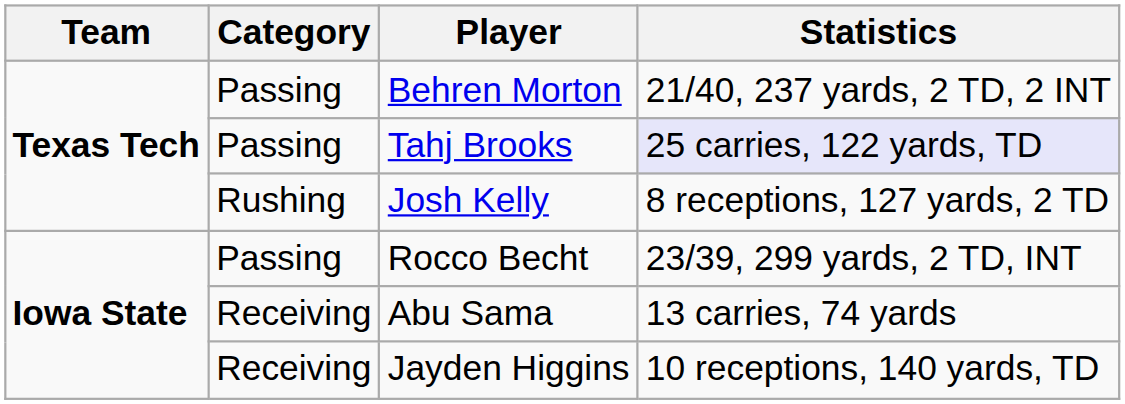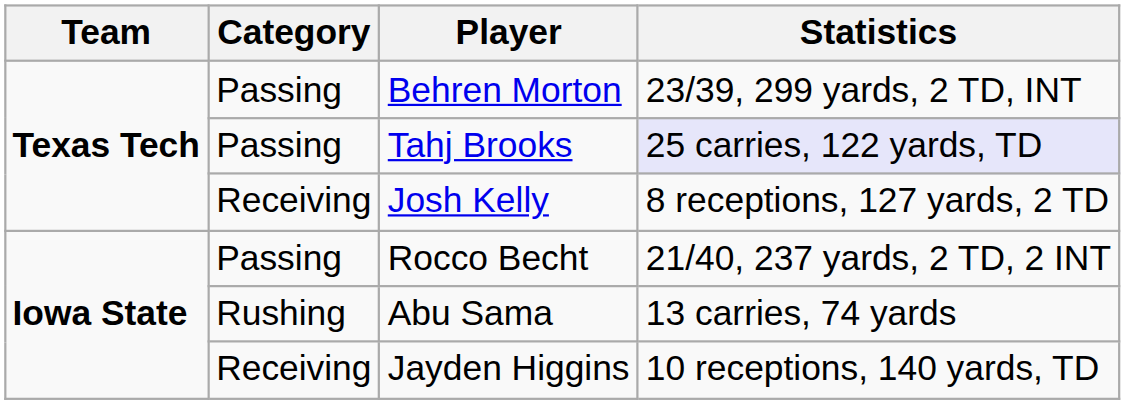 <table class="wikitable" style="float: right;">
 <tr>
 <th>Team</th>
 <th>Category</th>
 <th>Player</th>
 <th>Statistics</th>
 </tr>
 <tr>
 <td rowspan=3><strong>Texas Tech</strong></td>
 <td>Passing</td>
 <td><a href='#'>Behren Morton</a></td>
-<td>21/40, 237 yards, 2 TD, 2 INT</td>
+<td>23/39, 299 yards, 2 TD, INT</td>
 </tr>
 <tr>
 <td>Passing</td>
 <td><a href='#'>Tahj Brooks</a></td>
 <td style="background: lavender;">25 carries, 122 yards, TD</td>
 </tr>
 <tr>
-<td>Rushing</td>
+<td>Receiving</td>
 <td><a href='#'>Josh Kelly</a></td>
 <td>8 receptions, 127 yards, 2 TD</td>
 </tr>
 <tr>
 <td rowspan=3><strong>Iowa State</strong></td>
 <td>Passing</td>
 <td>Rocco Becht</td>
-<td>23/39, 299 yards, 2 TD, INT</td>
+<td>21/40, 237 yards, 2 TD, 2 INT</td>
 </tr>
 <tr>
-<td>Receiving</td>
+<td>Rushing</td>
 <td>Abu Sama</td>
 <td>13 carries, 74 yards</td>
 </tr>
 <tr>
 <td>Receiving</td>
 <td>Jayden Higgins</td>
 <td>10 receptions, 140 yards, TD</td>
 </tr>
 </table>
